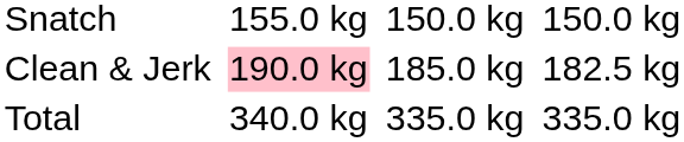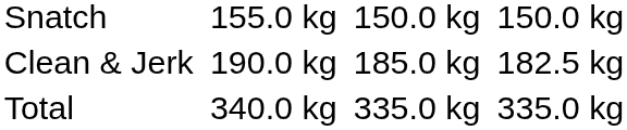 <table>
 <tr>
 <td>Snatch</td>
 <td></td>
 <td>155.0 kg</td>
 <td></td>
 <td>150.0 kg</td>
 <td></td>
 <td>150.0 kg</td>
 </tr>
 <tr>
 <td>Clean & Jerk</td>
 <td></td>
-<td style="background: pink;">190.0 kg</td>
+<td>190.0 kg</td>
 <td></td>
 <td>185.0 kg</td>
 <td></td>
 <td>182.5 kg</td>
 </tr>
 <tr>
 <td>Total</td>
 <td></td>
 <td>340.0 kg</td>
 <td></td>
 <td>335.0 kg</td>
 <td></td>
 <td>335.0 kg</td>
 </tr>
 </table>
